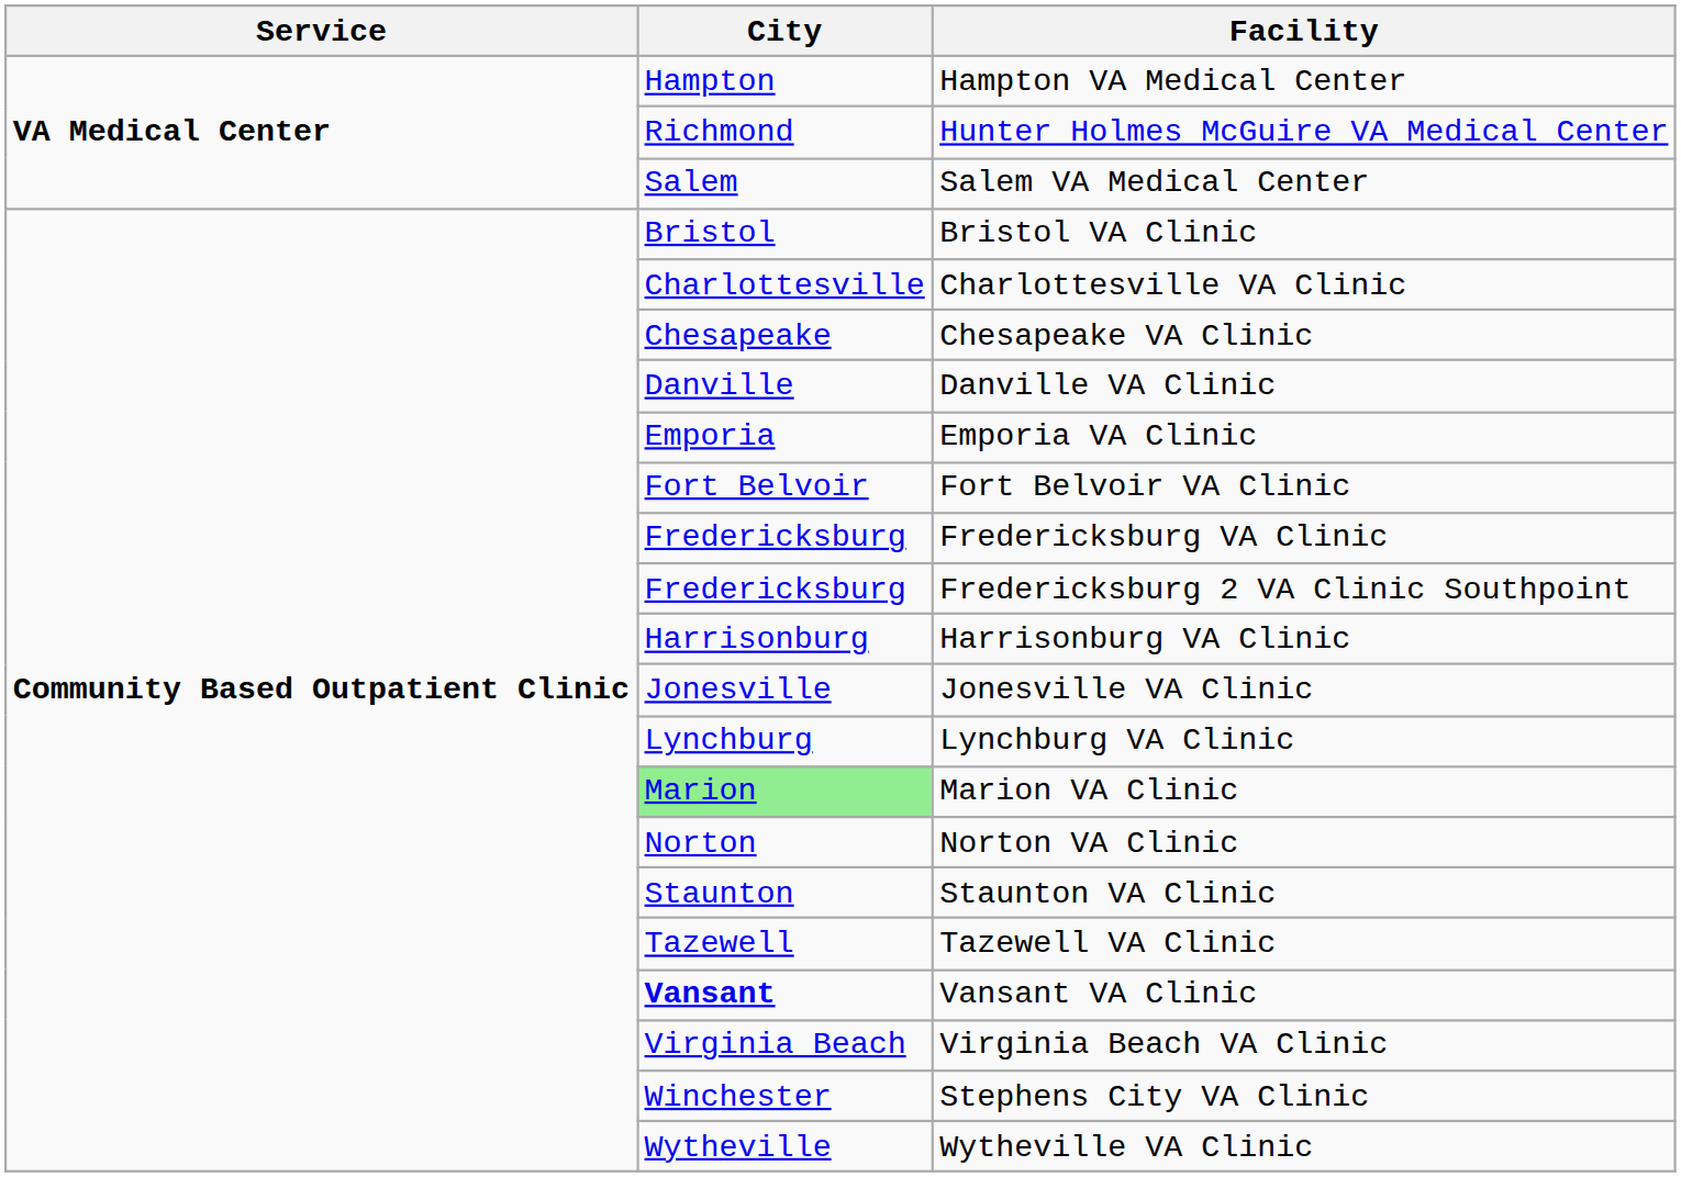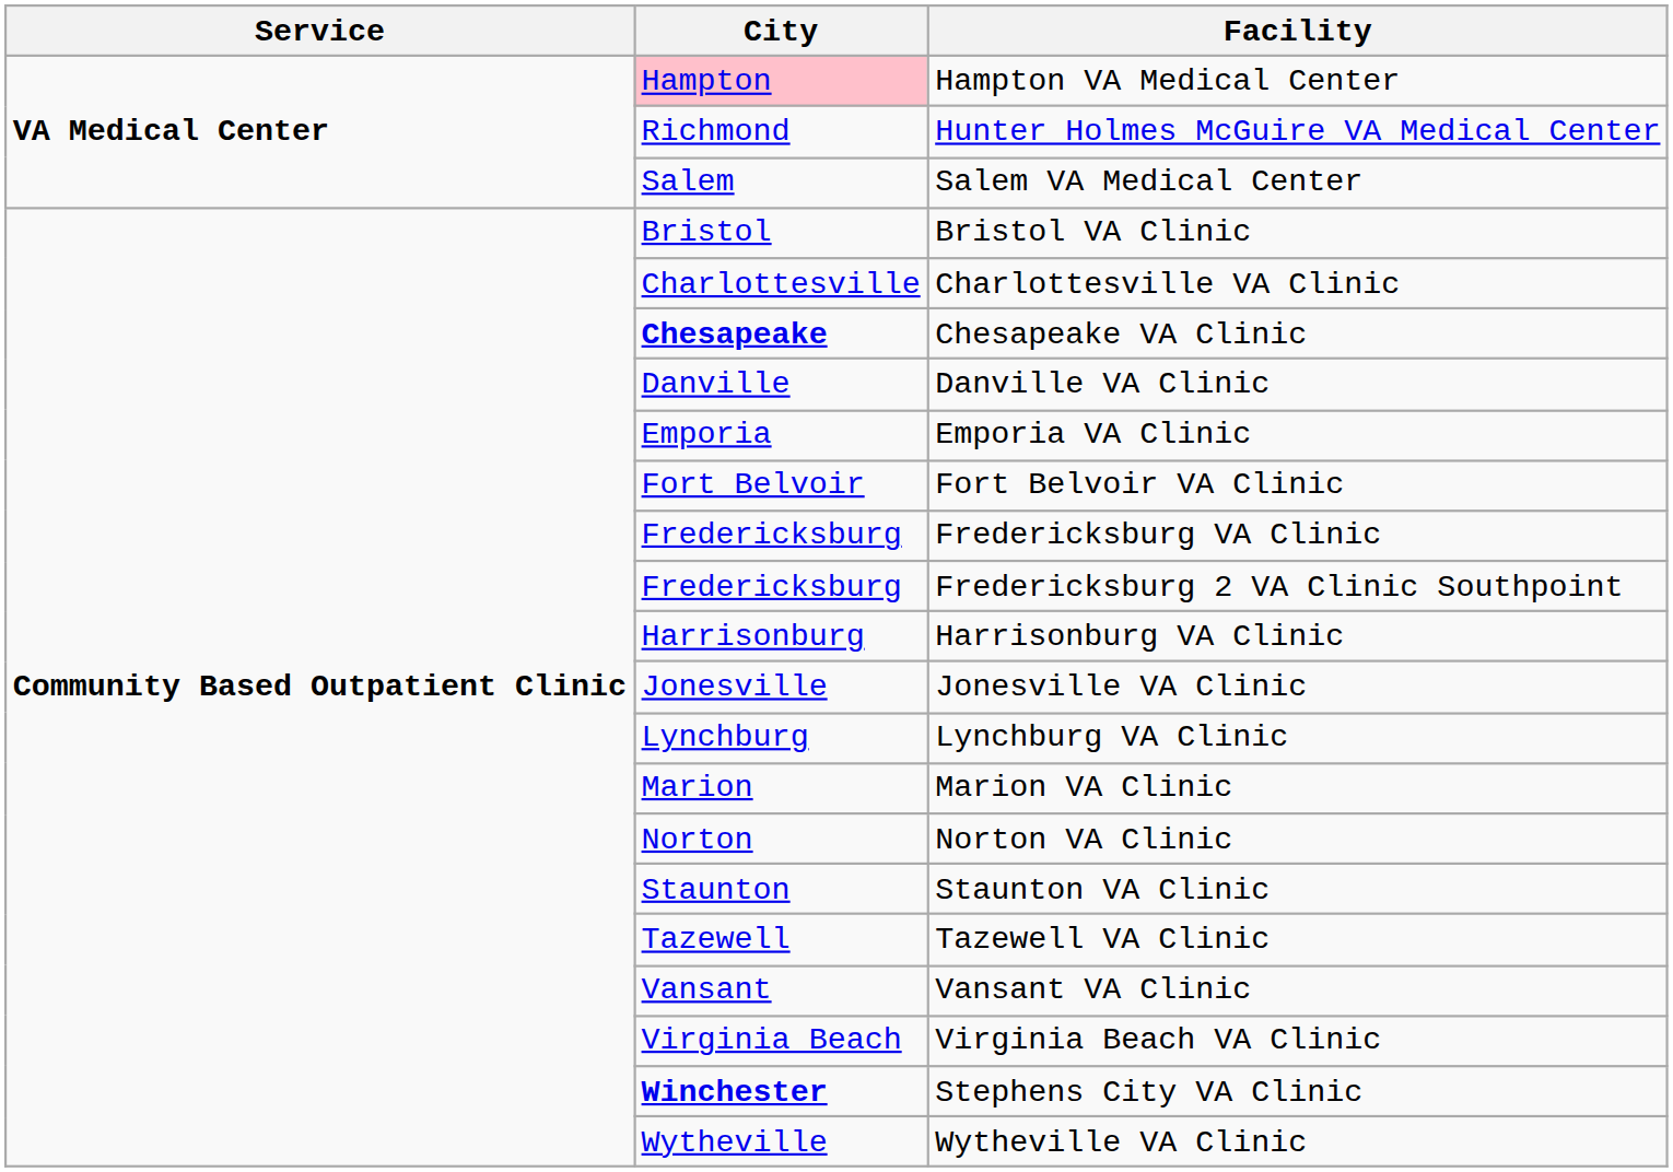 <table class="wikitable">
 <tr>
 <th>Service</th>
 <th>City</th>
 <th>Facility</th>
 </tr>
 <tr>
 <td rowspan=3><strong>VA Medical Center</strong></td>
-<td><a href='#'>Hampton</a></td>
+<td style="background: pink;"><a href='#'>Hampton</a></td>
 <td>Hampton VA Medical Center</td>
 </tr>
 <tr>
 <td><a href='#'>Richmond</a></td>
 <td><a href='#'>Hunter Holmes McGuire VA Medical Center</a></td>
 </tr>
 <tr>
 <td><a href='#'>Salem</a></td>
 <td>Salem VA Medical Center</td>
 </tr>
 <tr>
 <td rowspan=19><strong>Community Based Outpatient Clinic</strong></td>
 <td><a href='#'>Bristol</a></td>
 <td>Bristol VA Clinic</td>
 </tr>
 <tr>
 <td><a href='#'>Charlottesville</a></td>
 <td>Charlottesville VA Clinic</td>
 </tr>
 <tr>
-<td><a href='#'>Chesapeake</a></td>
+<td><strong><a href='#'>Chesapeake</a></strong></td>
 <td>Chesapeake VA Clinic</td>
 </tr>
 <tr>
 <td><a href='#'>Danville</a></td>
 <td>Danville VA Clinic</td>
 </tr>
 <tr>
 <td><a href='#'>Emporia</a></td>
 <td>Emporia VA Clinic</td>
 </tr>
 <tr>
 <td><a href='#'>Fort Belvoir</a></td>
 <td>Fort Belvoir VA Clinic</td>
 </tr>
 <tr>
 <td><a href='#'>Fredericksburg</a></td>
 <td>Fredericksburg VA Clinic</td>
 </tr>
 <tr>
 <td><a href='#'>Fredericksburg</a></td>
 <td>Fredericksburg 2 VA Clinic Southpoint</td>
 </tr>
 <tr>
 <td><a href='#'>Harrisonburg</a></td>
 <td>Harrisonburg VA Clinic</td>
 </tr>
 <tr>
 <td><a href='#'>Jonesville</a></td>
 <td>Jonesville VA Clinic</td>
 </tr>
 <tr>
 <td><a href='#'>Lynchburg</a></td>
 <td>Lynchburg VA Clinic</td>
 </tr>
 <tr>
-<td style="background: lightgreen;"><a href='#'>Marion</a></td>
+<td><a href='#'>Marion</a></td>
 <td>Marion VA Clinic</td>
 </tr>
 <tr>
 <td><a href='#'>Norton</a></td>
 <td>Norton VA Clinic</td>
 </tr>
 <tr>
 <td><a href='#'>Staunton</a></td>
 <td>Staunton VA Clinic</td>
 </tr>
 <tr>
 <td><a href='#'>Tazewell</a></td>
 <td>Tazewell VA Clinic</td>
 </tr>
 <tr>
-<td><strong><a href='#'>Vansant</a></strong></td>
+<td><a href='#'>Vansant</a></td>
 <td>Vansant VA Clinic</td>
 </tr>
 <tr>
 <td><a href='#'>Virginia Beach</a></td>
 <td>Virginia Beach VA Clinic</td>
 </tr>
 <tr>
-<td><a href='#'>Winchester</a></td>
+<td><strong><a href='#'>Winchester</a></strong></td>
 <td>Stephens City VA Clinic</td>
 </tr>
 <tr>
 <td><a href='#'>Wytheville</a></td>
 <td>Wytheville VA Clinic</td>
 </tr>
 </table>
